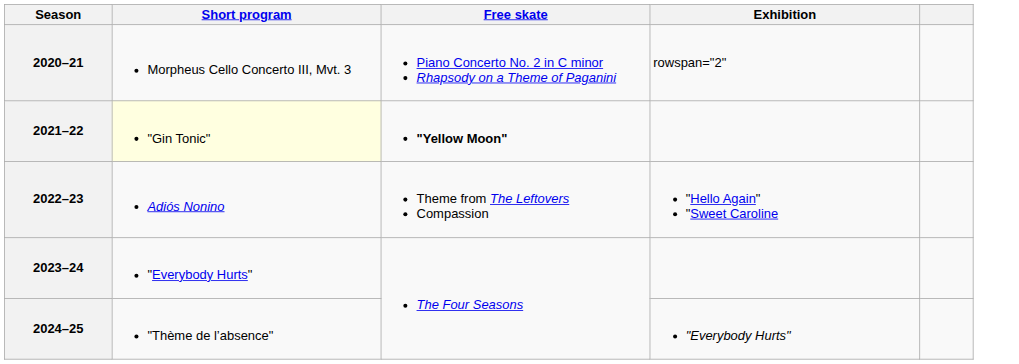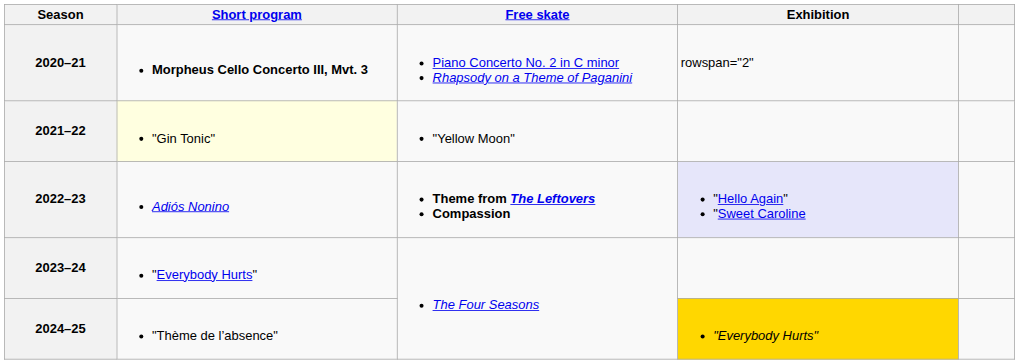 <table class="wikitable unsortable" style="text-align:left">
 <tr>
 <th scope="col" style="text-align:center; width:10%">Season</th>
 <th scope="col" style="text-align:center; width:25%"><a href='#'>Short program</a></th>
 <th scope="col" style="text-align:center; width:25%"><a href='#'>Free skate</a></th>
 <th scope="col" style="text-align:center; width:25%">Exhibition</th>
 <th scope="col" style="text-align:center; width:5%"></th>
 </tr>
 <tr>
 <th scope="row">2020–21</th>
-<td><br><ul><li>Morpheus Cello Concerto III, Mvt. 3<br></li></ul></td>
+<td><strong><br><ul><li>Morpheus Cello Concerto III, Mvt. 3<br></li></ul></strong></td>
 <td><br><ul><li><a href='#'>Piano Concerto No. 2 in C minor</a></li><li><em><a href='#'>Rhapsody on a Theme of Paganini</a></em><br></li></ul></td>
 <td>rowspan="2" </td>
 <td></td>
 </tr>
 <tr>
 <th scope="row">2021–22</th>
 <td style="background: lightyellow;"><br><ul><li>"Gin Tonic"<br></li></ul></td>
-<td><strong><br><ul><li>"Yellow Moon"<br></li></ul></strong></td>
+<td><br><ul><li>"Yellow Moon"<br></li></ul></td>
 <td></td>
 </tr>
 <tr>
 <th scope="row">2022–23</th>
 <td><br><ul><li><em><a href='#'>Adiós Nonino</a></em><br></li></ul></td>
-<td><br><ul><li>Theme from <em><a href='#'>The Leftovers</a></em><br></li><li>Compassion<br></li></ul></td>
-<td><br><ul><li>"<a href='#'>Hello Again</a>"</li><li>"<a href='#'>Sweet Caroline</a><br></li></ul></td>
+<td><strong><br><ul><li>Theme from <em><a href='#'>The Leftovers</a></em><br></li><li>Compassion<br></li></ul></strong></td>
+<td style="background: lavender;"><br><ul><li>"<a href='#'>Hello Again</a>"</li><li>"<a href='#'>Sweet Caroline</a><br></li></ul></td>
 <td></td>
 </tr>
 <tr>
 <th scope="row">2023–24</th>
 <td><br><ul><li>"<a href='#'>Everybody Hurts</a>"<br></li></ul></td>
 <td rowspan="2"><br><ul><li><em><a href='#'>The Four Seasons</a></em><br></li></ul></td>
 <td></td>
 <td></td>
 </tr>
 <tr>
 <th scope="row">2024–25</th>
 <td><br><ul><li>"Thème de l’absence"<br></li></ul></td>
-<td><br><ul><li><em>"Everybody Hurts"</em></li></ul></td>
+<td style="background: gold;"><br><ul><li><em>"Everybody Hurts"</em></li></ul></td>
 <td></td>
 </tr>
 </table>
